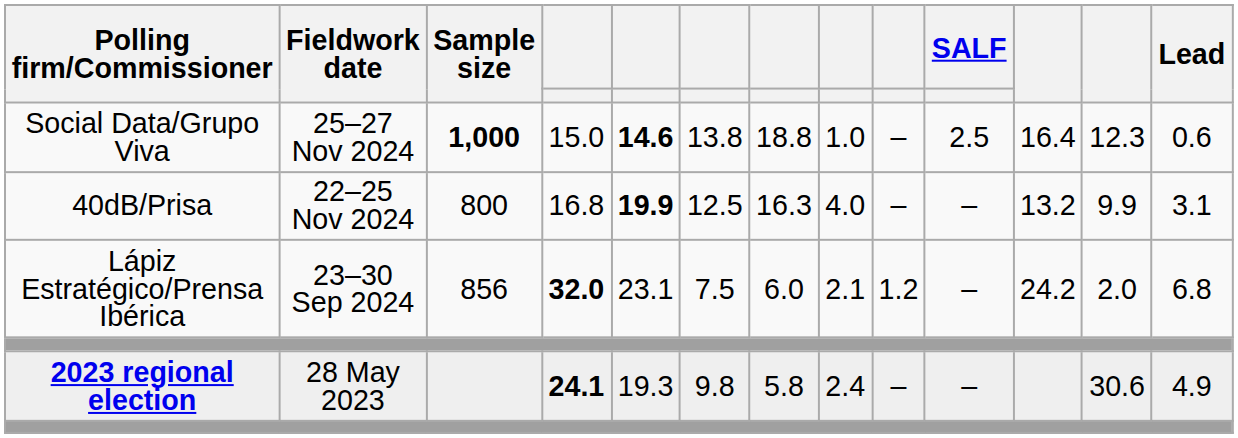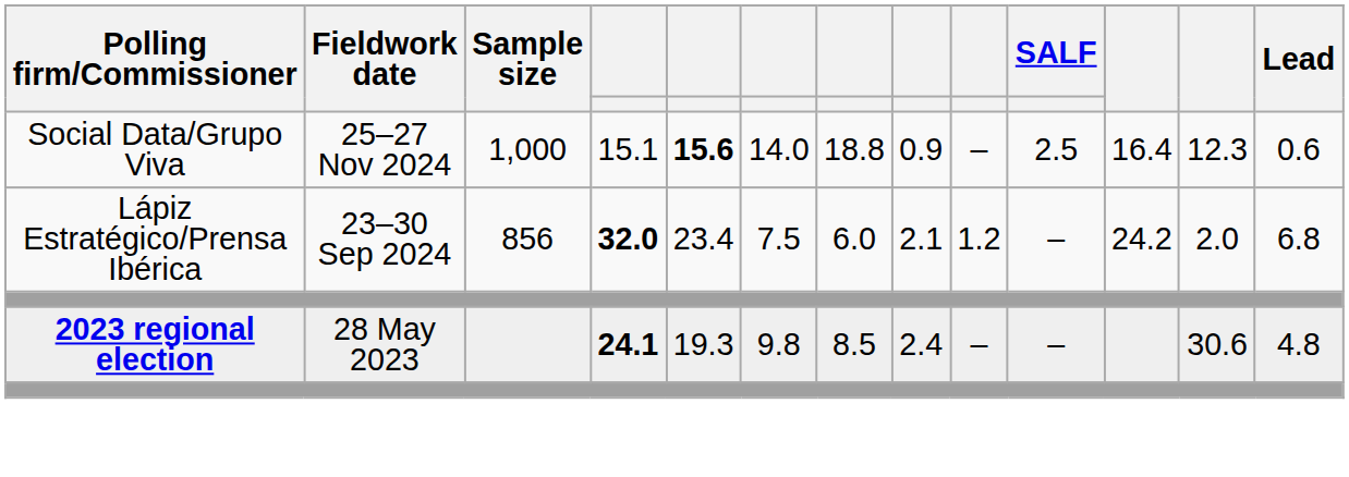 <table class="wikitable collapsible collapsed" style="text-align:center; font-size:90%; line-height:14px;">
 <tr style="height:42px;">
 <th style="width:250px;" rowspan="2">Polling firm/Commissioner</th>
 <th style="width:125px;" rowspan="2">Fieldwork date</th>
 <th style="width:50px;" rowspan="2">Sample size</th>
 <th style="width:35px;"></th>
 <th style="width:35px;"></th>
 <th style="width:35px;"></th>
 <th style="width:35px;"></th>
 <th style="width:35px;"><br></th>
 <th style="width:35px;"></th>
 <th style="width:35px;"><a href='#'>SALF</a></th>
 <th style="width:35px;" rowspan="2"></th>
 <th style="width:35px;" rowspan="2"></th>
 <th style="width:30px;" rowspan="2">Lead</th>
 </tr>
 <tr>
 <th style="color:inherit;background:"></th>
 <th style="color:inherit;background:"></th>
 <th style="color:inherit;background:"></th>
 <th style="color:inherit;background:"></th>
 <th style="color:inherit;background:"></th>
 <th style="color:inherit;background:"></th>
 <th style="color:inherit;background:"></th>
 </tr>
 <tr>
 <td>Social Data/Grupo Viva</td>
 <td>25–27 Nov 2024</td>
-<td><strong>1,000</strong></td>
-<td>15.0</td>
-<td><strong>14.6</strong></td>
-<td>13.8</td>
+<td>1,000</td>
+<td>15.1</td>
+<td><strong>15.6</strong></td>
+<td>14.0</td>
 <td>18.8</td>
-<td>1.0</td>
+<td>0.9</td>
 <td>–</td>
 <td>2.5</td>
 <td>16.4</td>
 <td>12.3</td>
 <td style="background:">0.6</td>
 </tr>
 <tr>
-<td>40dB/Prisa</td>
-<td>22–25 Nov 2024</td>
-<td>800</td>
-<td>16.8</td>
-<td><strong>19.9</strong></td>
-<td>12.5</td>
-<td>16.3</td>
-<td>4.0</td>
-<td>–</td>
-<td>–</td>
-<td>13.2</td>
-<td>9.9</td>
-<td style="background:">3.1</td>
-</tr>
-<tr>
 <td>Lápiz Estratégico/Prensa Ibérica</td>
 <td>23–30 Sep 2024</td>
 <td>856</td>
 <td><strong>32.0</strong></td>
-<td>23.1</td>
+<td>23.4</td>
 <td>7.5</td>
 <td>6.0</td>
 <td>2.1</td>
 <td>1.2</td>
 <td>–</td>
 <td>24.2</td>
 <td>2.0</td>
 <td style="background:">6.8</td>
 </tr>
 <tr>
 <td colspan="13" style="background:#A0A0A0"></td>
 </tr>
 <tr style="background:#EFEFEF;">
 <td><strong><a href='#'>2023 regional election</a></strong></td>
 <td>28 May 2023</td>
 <td></td>
 <td><strong>24.1</strong></td>
 <td>19.3</td>
 <td>9.8</td>
-<td>5.8</td>
+<td>8.5</td>
 <td>2.4</td>
 <td>–</td>
 <td>–</td>
 <td></td>
 <td>30.6</td>
-<td style="background:">4.9</td>
+<td style="background:">4.8</td>
 </tr>
 <tr>
 <td colspan="13" style="background:#A0A0A0"></td>
 </tr>
 </table>
